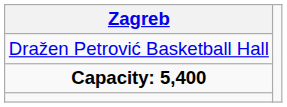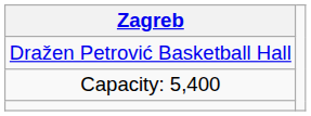 <table class="wikitable" style="text-align:center">
 <tr>
 <th><a href='#'>Zagreb</a></th>
 <td rowspan=4></td>
 </tr>
 <tr>
 <td><a href='#'>Dražen Petrović Basketball Hall</a></td>
 </tr>
 <tr>
-<td><strong>Capacity: 5,400</strong></td>
+<td>Capacity: 5,400</td>
 </tr>
 <tr>
 <td></td>
 </tr>
 </table>
